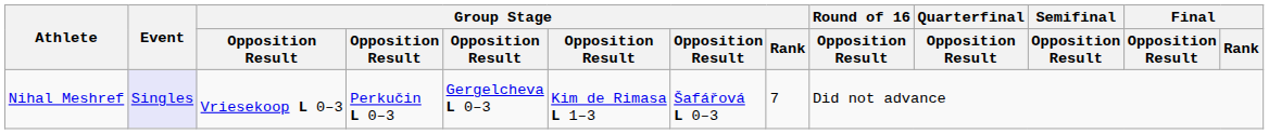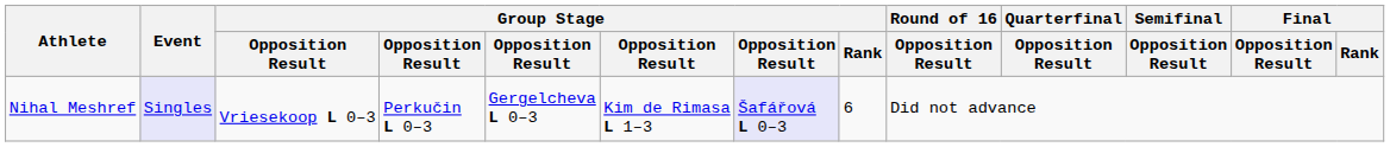 <table class="wikitable">
 <tr>
 <th rowspan="2">Athlete</th>
 <th rowspan="2">Event</th>
 <th colspan="6">Group Stage</th>
 <th>Round of 16</th>
 <th>Quarterfinal</th>
 <th>Semifinal</th>
 <th colspan="2">Final</th>
 </tr>
 <tr>
 <th>Opposition<br>Result</th>
 <th>Opposition<br>Result</th>
 <th>Opposition<br>Result</th>
 <th>Opposition<br>Result</th>
 <th>Opposition<br>Result</th>
 <th>Rank</th>
 <th>Opposition<br>Result</th>
 <th>Opposition<br>Result</th>
 <th>Opposition<br>Result</th>
 <th>Opposition<br>Result</th>
 <th>Rank</th>
 </tr>
 <tr>
 <td><a href='#'>Nihal Meshref</a></td>
 <td style="background: lavender;"><a href='#'>Singles</a></td>
 <td><br><a href='#'>Vriesekoop</a> <strong>L</strong> 0–3</td>
 <td><br><a href='#'>Perkučin</a><br><strong>L</strong> 0–3</td>
 <td><a href='#'>Gergelcheva</a><br><strong>L</strong> 0–3</td>
 <td><br><a href='#'>Kim de Rimasa</a><br><strong>L</strong> 1–3</td>
-<td><br><a href='#'>Šafářová</a><br><strong>L</strong> 0–3</td>
-<td>7</td>
+<td style="background: lavender;"><br><a href='#'>Šafářová</a><br><strong>L</strong> 0–3</td>
+<td>6</td>
 <td colspan="5">Did not advance</td>
 </tr>
 </table>
